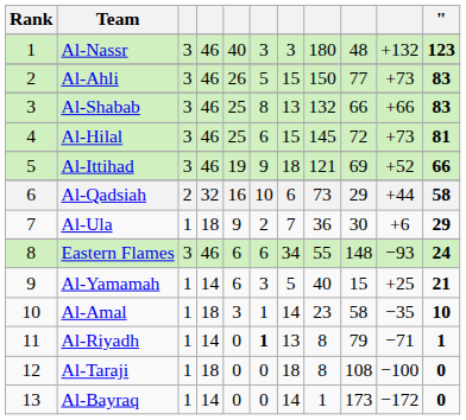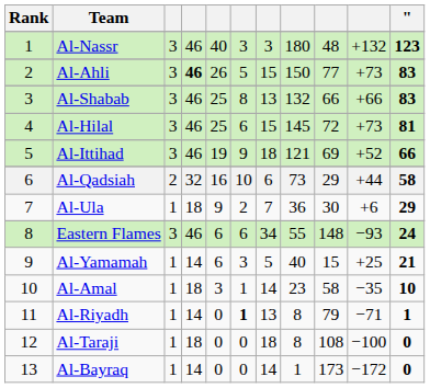 <table class="wikitable sortable" style="text-align:center">
 <tr>
 <th>Rank</th>
 <th>Team</th>
 <th></th>
 <th></th>
 <th></th>
 <th></th>
 <th></th>
 <th></th>
 <th></th>
 <th></th>
 <th>"</th>
 </tr>
 <tr>
 </tr>
 <tr style="background:#D0F0C0">
 <td>1</td>
 <td align=left><a href='#'>Al-Nassr</a></td>
 <td>3</td>
 <td>46</td>
 <td>40</td>
 <td>3</td>
 <td>3</td>
 <td>180</td>
 <td>48</td>
 <td>+132</td>
 <td><strong>123</strong></td>
 </tr>
 <tr>
 </tr>
 <tr style="background:#D0F0C0">
 <td>2</td>
 <td align=left><a href='#'>Al-Ahli</a></td>
 <td>3</td>
-<td>46</td>
+<td><strong>46</strong></td>
 <td>26</td>
 <td>5</td>
 <td>15</td>
 <td>150</td>
 <td>77</td>
 <td>+73</td>
 <td><strong>83</strong></td>
 </tr>
 <tr>
 </tr>
 <tr style="background:#D0F0C0">
 <td>3</td>
 <td align=left><a href='#'>Al-Shabab</a></td>
 <td>3</td>
 <td>46</td>
 <td>25</td>
 <td>8</td>
 <td>13</td>
 <td>132</td>
 <td>66</td>
 <td>+66</td>
 <td><strong>83</strong></td>
 </tr>
 <tr>
 </tr>
 <tr style="background:#D0F0C0">
 <td>4</td>
 <td align=left><a href='#'>Al-Hilal</a></td>
 <td>3</td>
 <td>46</td>
 <td>25</td>
 <td>6</td>
 <td>15</td>
 <td>145</td>
 <td>72</td>
 <td>+73</td>
 <td><strong>81</strong></td>
 </tr>
 <tr>
 </tr>
 <tr style="background:#D0F0C0">
 <td>5</td>
 <td align=left><a href='#'>Al-Ittihad</a></td>
 <td>3</td>
 <td>46</td>
 <td>19</td>
 <td>9</td>
 <td>18</td>
 <td>121</td>
 <td>69</td>
 <td>+52</td>
 <td><strong>66</strong></td>
 </tr>
 <tr>
 </tr>
 <tr style="background:#F2F2F2">
 <td>6</td>
 <td align=left><a href='#'>Al-Qadsiah</a></td>
 <td>2</td>
 <td>32</td>
 <td>16</td>
 <td>10</td>
 <td>6</td>
 <td>73</td>
 <td>29</td>
 <td>+44</td>
 <td><strong>58</strong></td>
 </tr>
 <tr>
 <td>7</td>
 <td align=left><a href='#'>Al-Ula</a></td>
 <td>1</td>
 <td>18</td>
 <td>9</td>
 <td>2</td>
 <td>7</td>
 <td>36</td>
 <td>30</td>
 <td>+6</td>
 <td><strong>29</strong></td>
 </tr>
 <tr>
 </tr>
 <tr style="background:#D0F0C0">
 <td>8</td>
 <td align=left><a href='#'>Eastern Flames</a></td>
 <td>3</td>
 <td>46</td>
 <td>6</td>
 <td>6</td>
 <td>34</td>
 <td>55</td>
 <td>148</td>
 <td>−93</td>
 <td><strong>24</strong></td>
 </tr>
 <tr>
 <td>9</td>
 <td align=left><a href='#'>Al-Yamamah</a></td>
 <td>1</td>
 <td>14</td>
 <td>6</td>
 <td>3</td>
 <td>5</td>
 <td>40</td>
 <td>15</td>
 <td>+25</td>
 <td><strong>21</strong></td>
 </tr>
 <tr>
 <td>10</td>
 <td align=left><a href='#'>Al-Amal</a></td>
 <td>1</td>
 <td>18</td>
 <td>3</td>
 <td>1</td>
 <td>14</td>
 <td>23</td>
 <td>58</td>
 <td>−35</td>
 <td><strong>10</strong></td>
 </tr>
 <tr>
 <td>11</td>
 <td align=left><a href='#'>Al-Riyadh</a></td>
 <td>1</td>
 <td>14</td>
 <td>0</td>
 <td><strong>1</strong></td>
 <td>13</td>
 <td>8</td>
 <td>79</td>
 <td>−71</td>
 <td><strong>1</strong></td>
 </tr>
 <tr>
 <td>12</td>
 <td align=left><a href='#'>Al-Taraji</a></td>
 <td>1</td>
 <td>18</td>
 <td>0</td>
 <td>0</td>
 <td>18</td>
 <td>8</td>
 <td>108</td>
 <td>−100</td>
 <td><strong>0</strong></td>
 </tr>
 <tr>
 <td>13</td>
 <td align=left><a href='#'>Al-Bayraq</a></td>
 <td>1</td>
 <td>14</td>
 <td>0</td>
 <td>0</td>
 <td>14</td>
 <td>1</td>
 <td>173</td>
 <td>−172</td>
 <td><strong>0</strong></td>
 </tr>
 </table>
